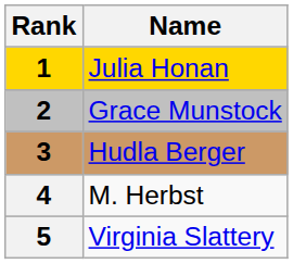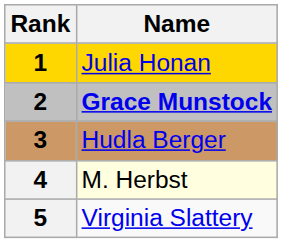 <table class="wikitable">
 <tr>
 <th>Rank</th>
 <th>Name</th>
 </tr>
 <tr bgcolor="gold">
 <td align="center"><strong>1</strong></td>
 <td><a href='#'>Julia Honan</a></td>
 </tr>
 <tr bgcolor="silver">
 <td align="center"><strong>2</strong></td>
-<td><a href='#'>Grace Munstock</a></td>
+<td><strong><a href='#'>Grace Munstock</a></strong></td>
 </tr>
 <tr bgcolor="cc9966">
 <td align="center"><strong>3</strong></td>
 <td><a href='#'>Hudla Berger</a></td>
 </tr>
 <tr>
 <th>4</th>
-<td>M. Herbst</td>
+<td style="background: lightyellow;">M. Herbst</td>
 </tr>
 <tr>
 <th>5</th>
 <td><a href='#'>Virginia Slattery</a></td>
 </tr>
 </table>
